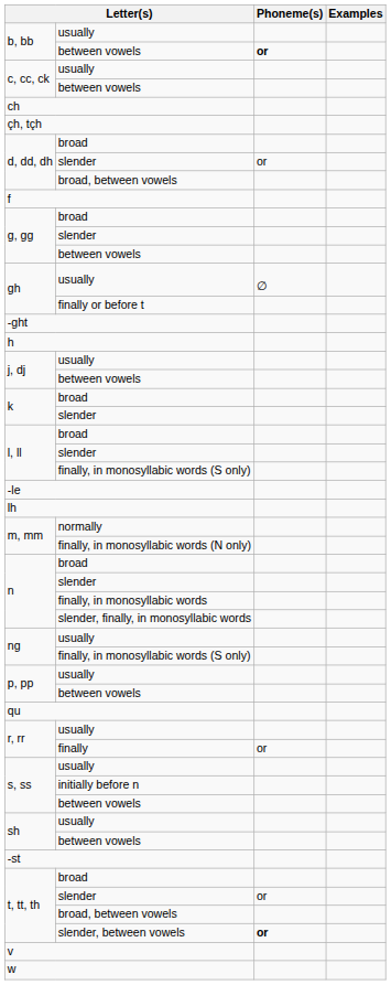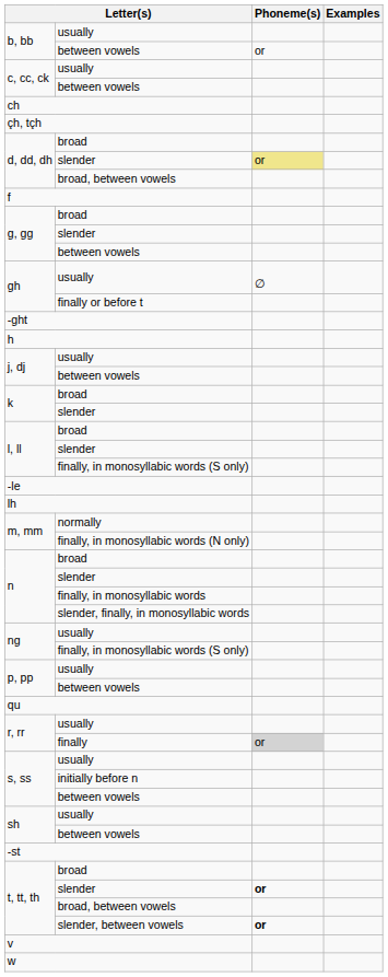 <table class="wikitable">
 <tr>
 <th colspan="2">Letter(s)</th>
 <th>Phoneme(s)</th>
 <th>Examples</th>
 </tr>
 <tr>
 <td rowspan="2">b, bb</td>
 <td>usually</td>
 <td></td>
 <td></td>
 </tr>
 <tr>
 <td>between vowels</td>
-<td><strong> or </strong></td>
+<td> or </td>
 <td></td>
 </tr>
 <tr>
 <td rowspan="2">c, cc, ck</td>
 <td>usually</td>
 <td></td>
 <td></td>
 </tr>
 <tr>
 <td>between vowels</td>
 <td><br></td>
 <td></td>
 </tr>
 <tr>
 <td colspan="2">ch</td>
 <td></td>
 <td></td>
 </tr>
 <tr>
 <td colspan="2">çh, tçh</td>
 <td></td>
 <td></td>
 </tr>
 <tr>
 <td rowspan="3">d, dd, dh</td>
 <td>broad</td>
 <td></td>
 <td></td>
 </tr>
 <tr>
 <td>slender</td>
-<td> or </td>
+<td style="background: khaki;"> or </td>
 <td></td>
 </tr>
 <tr>
 <td>broad, between vowels</td>
 <td></td>
 <td></td>
 </tr>
 <tr>
 <td colspan="2">f</td>
 <td></td>
 <td></td>
 </tr>
 <tr>
 <td rowspan="3">g, gg</td>
 <td>broad</td>
 <td></td>
 <td></td>
 </tr>
 <tr>
 <td>slender</td>
 <td></td>
 <td></td>
 </tr>
 <tr>
 <td>between vowels</td>
 <td></td>
 <td></td>
 </tr>
 <tr>
 <td rowspan="2">gh</td>
 <td>usually</td>
 <td><br>∅</td>
 <td></td>
 </tr>
 <tr>
 <td>finally or before t</td>
 <td></td>
 <td></td>
 </tr>
 <tr>
 <td colspan="2">-ght</td>
 <td></td>
 <td></td>
 </tr>
 <tr>
 <td colspan="2">h</td>
 <td></td>
 <td></td>
 </tr>
 <tr>
 <td rowspan="2">j, dj</td>
 <td>usually</td>
 <td></td>
 <td></td>
 </tr>
 <tr>
 <td>between vowels</td>
 <td><br></td>
 <td></td>
 </tr>
 <tr>
 <td rowspan="2">k</td>
 <td>broad</td>
 <td></td>
 <td></td>
 </tr>
 <tr>
 <td>slender</td>
 <td></td>
 <td></td>
 </tr>
 <tr>
 <td rowspan="3">l, ll</td>
 <td>broad</td>
 <td></td>
 <td></td>
 </tr>
 <tr>
 <td>slender</td>
 <td></td>
 <td></td>
 </tr>
 <tr>
 <td>finally, in monosyllabic words (S only)</td>
 <td></td>
 <td></td>
 </tr>
 <tr>
 <td colspan="2">-le</td>
 <td></td>
 <td></td>
 </tr>
 <tr>
 <td colspan="2">lh</td>
 <td></td>
 <td></td>
 </tr>
 <tr>
 <td rowspan="2">m, mm</td>
 <td>normally</td>
 <td></td>
 <td></td>
 </tr>
 <tr>
 <td>finally, in monosyllabic words (N only)</td>
 <td></td>
 <td></td>
 </tr>
 <tr>
 <td rowspan="4">n</td>
 <td>broad</td>
 <td></td>
 <td></td>
 </tr>
 <tr>
 <td>slender</td>
 <td></td>
 <td></td>
 </tr>
 <tr>
 <td>finally, in monosyllabic words</td>
 <td></td>
 <td></td>
 </tr>
 <tr>
 <td>slender, finally, in monosyllabic words</td>
 <td></td>
 <td></td>
 </tr>
 <tr>
 <td rowspan="2">ng</td>
 <td>usually</td>
 <td><br></td>
 <td></td>
 </tr>
 <tr>
 <td>finally, in monosyllabic words (S only)</td>
 <td></td>
 <td></td>
 </tr>
 <tr>
 <td rowspan="2">p, pp</td>
 <td>usually</td>
 <td></td>
 <td></td>
 </tr>
 <tr>
 <td>between vowels</td>
 <td></td>
 <td></td>
 </tr>
 <tr>
 <td colspan="2">qu</td>
 <td></td>
 <td></td>
 </tr>
 <tr>
 <td rowspan="2">r, rr</td>
 <td>usually</td>
 <td></td>
 <td></td>
 </tr>
 <tr>
 <td>finally</td>
-<td> or </td>
+<td style="background: lightgrey;"> or </td>
 <td></td>
 </tr>
 <tr>
 <td rowspan="3">s, ss</td>
 <td>usually</td>
 <td><br></td>
 <td></td>
 </tr>
 <tr>
 <td>initially before n</td>
 <td></td>
 <td></td>
 </tr>
 <tr>
 <td>between vowels</td>
 <td><br></td>
 <td></td>
 </tr>
 <tr>
 <td rowspan="2">sh</td>
 <td>usually</td>
 <td></td>
 <td></td>
 </tr>
 <tr>
 <td>between vowels</td>
 <td><br></td>
 <td></td>
 </tr>
 <tr>
 <td colspan="2">-st</td>
 <td></td>
 <td></td>
 </tr>
 <tr>
 <td rowspan="4">t, tt, th</td>
 <td>broad</td>
 <td></td>
 <td></td>
 </tr>
 <tr>
 <td>slender</td>
-<td> or </td>
+<td><strong> or </strong></td>
 <td></td>
 </tr>
 <tr>
 <td>broad, between vowels</td>
 <td><br></td>
 <td></td>
 </tr>
 <tr>
 <td>slender, between vowels</td>
 <td><strong> or </strong></td>
 <td></td>
 </tr>
 <tr>
 <td colspan="2">v</td>
 <td></td>
 <td></td>
 </tr>
 <tr>
 <td colspan="2">w</td>
 <td></td>
 <td></td>
 </tr>
 </table>
